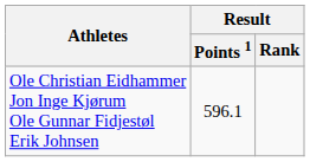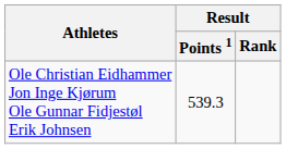 <table class="wikitable" border="1" style="font-size:90%">
 <tr>
 <th rowspan=2>Athletes</th>
 <th colspan=2>Result</th>
 </tr>
 <tr>
 <th>Points <sup>1</sup></th>
 <th>Rank</th>
 </tr>
 <tr>
 <td><a href='#'>Ole Christian Eidhammer</a><br><a href='#'>Jon Inge Kjørum</a><br><a href='#'>Ole Gunnar Fidjestøl</a><br><a href='#'>Erik Johnsen</a></td>
-<td align=center>596.1</td>
+<td align=center>539.3</td>
 <td align=center></td>
 </tr>
 </table>
